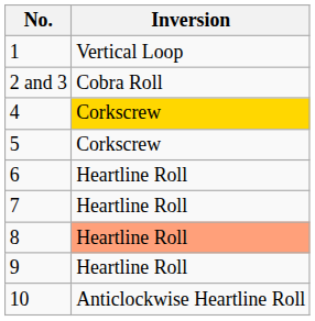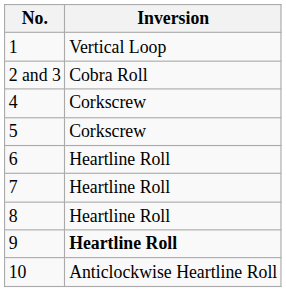 <table class="wikitable">
 <tr>
 <th>No.</th>
 <th>Inversion</th>
 </tr>
 <tr>
 <td>1</td>
 <td>Vertical Loop</td>
 </tr>
 <tr>
 <td>2 and 3</td>
 <td>Cobra Roll</td>
 </tr>
 <tr>
 <td>4</td>
-<td style="background: gold;">Corkscrew</td>
+<td>Corkscrew</td>
 </tr>
 <tr>
 <td>5</td>
 <td>Corkscrew</td>
 </tr>
 <tr>
 <td>6</td>
 <td>Heartline Roll</td>
 </tr>
 <tr>
 <td>7</td>
 <td>Heartline Roll</td>
 </tr>
 <tr>
 <td>8</td>
-<td style="background: lightsalmon;">Heartline Roll</td>
+<td>Heartline Roll</td>
 </tr>
 <tr>
 <td>9</td>
-<td>Heartline Roll</td>
+<td><strong>Heartline Roll</strong></td>
 </tr>
 <tr>
 <td>10</td>
 <td>Anticlockwise Heartline Roll</td>
 </tr>
 </table>
